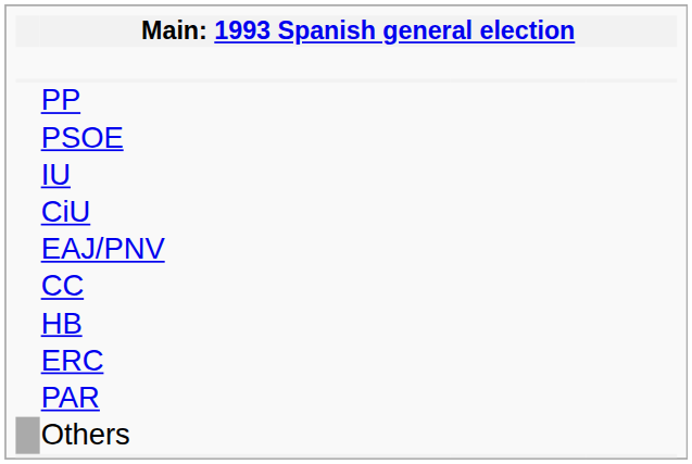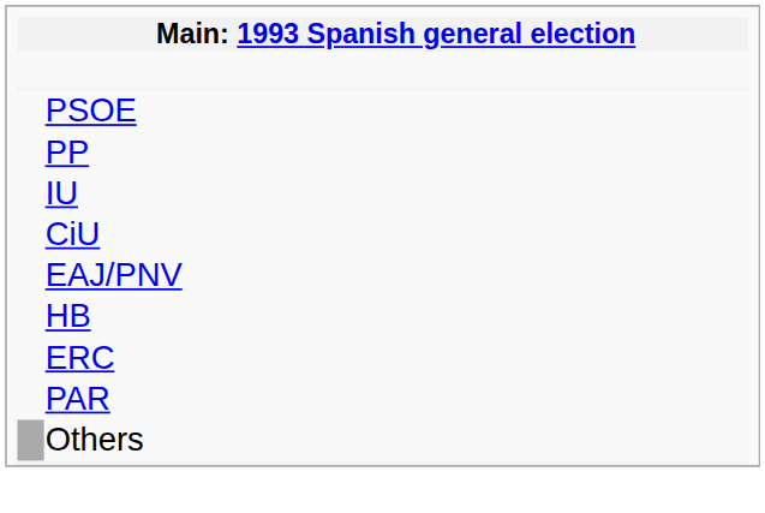 <table class="infobox vcard" style="width:23.0em; padding:0.3em; padding-bottom:0em;" cellspacing=0>
 <tr>
 <td style="background:#F2F2F2; vertical-align:middle; padding:0.4em;" width="30px"></td>
 <th colspan="4" style="text-align:center; background:#F2F2F2; font-size:0.85em; width:100%; vertical-align:middle;">Main: <a href='#'>1993 Spanish general election</a></th>
 </tr>
 <tr>
 <td colspan="5" style="text-align:center; font-size:0.85em; padding:0.5em 0em;">  </td>
 </tr>
 <tr>
 <td colspan="5"></td>
 </tr>
 <tr>
 <td colspan="5"></td>
 </tr>
 <tr>
 <th colspan="2" width="85px" style="background:#F2F2F2;"></th>
 <th width="70px" style="background:#F2F2F2;"></th>
 <th width="45px" style="background:#F2F2F2;"></th>
 <th width="30px" style="background:#F2F2F2;"></th>
 </tr>
 <tr>
 <td style="background:"></td>
-<td><a href='#'>PP</a></td>
+<td><a href='#'>PSOE</a></td>
 <td></td>
 <td></td>
 <td></td>
 </tr>
 <tr>
 <td style="background:"></td>
-<td><a href='#'>PSOE</a></td>
+<td><a href='#'>PP</a></td>
 <td></td>
 <td></td>
 <td></td>
 </tr>
 <tr>
 <td style="background:"></td>
 <td><a href='#'>IU</a></td>
 <td></td>
 <td></td>
 <td></td>
 </tr>
 <tr>
 <td style="background:"></td>
 <td><a href='#'>CiU</a></td>
 <td></td>
 <td></td>
 <td></td>
 </tr>
 <tr>
 <td style="background:"></td>
 <td><a href='#'>EAJ/PNV</a></td>
-<td></td>
-<td></td>
-<td></td>
-</tr>
-<tr>
-<td style="background:"></td>
-<td><a href='#'>CC</a></td>
 <td></td>
 <td></td>
 <td></td>
 </tr>
 <tr>
 <td style="background:"></td>
 <td><a href='#'>HB</a></td>
 <td></td>
 <td></td>
 <td></td>
 </tr>
 <tr>
 <td style="background:"></td>
 <td><a href='#'>ERC</a></td>
 <td></td>
 <td></td>
 <td></td>
 </tr>
 <tr>
 <td style="background:"></td>
 <td><a href='#'>PAR</a></td>
 <td></td>
 <td></td>
 <td></td>
 </tr>
 <tr>
 <td style="background:#AAAAAA;"></td>
 <td>Others</td>
 <td></td>
 <td></td>
 <td></td>
 </tr>
 <tr>
 <th colspan="2" style="background:#F2F2F2;"></th>
 <th style="background:#F2F2F2;"></th>
 <th style="background:#F2F2F2;"></th>
 <th style="background:#F2F2F2;"></th>
 </tr>
 </table>
